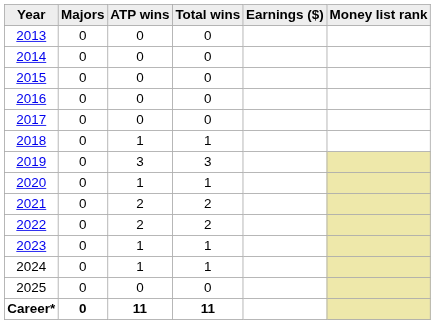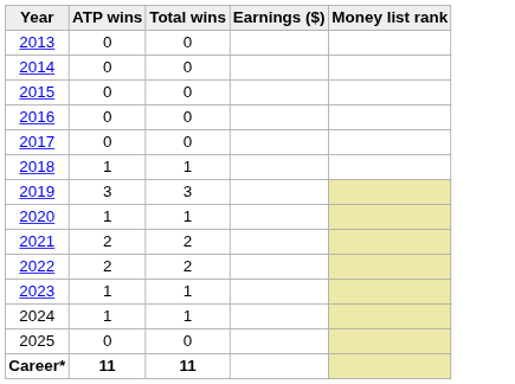 <table cellpadding=3 cellspacing=0 border=1 style=font-size:100%;border:#aaa;solid:1px;border-collapse:collapse;text-align:center>
 <tr bgcolor=EEEEEE>
 <th>Year</th>
-<th>Majors</th>
 <th>ATP wins</th>
 <th>Total wins</th>
 <th>Earnings ($)</th>
 <th>Money list rank</th>
 </tr>
 <tr>
 <td><a href='#'>2013</a></td>
 <td>0</td>
 <td>0</td>
-<td>0</td>
 <td align=right></td>
 <td></td>
 </tr>
 <tr>
 <td><a href='#'>2014</a></td>
-<td>0</td>
 <td>0</td>
 <td>0</td>
 <td align=right></td>
 <td></td>
 </tr>
 <tr>
 <td><a href='#'>2015</a></td>
 <td>0</td>
 <td>0</td>
-<td>0</td>
 <td align=right></td>
 <td></td>
 </tr>
 <tr>
 <td><a href='#'>2016</a></td>
-<td>0</td>
 <td>0</td>
 <td>0</td>
 <td align=right></td>
 <td></td>
 </tr>
 <tr>
 <td><a href='#'>2017</a></td>
 <td>0</td>
 <td>0</td>
-<td>0</td>
 <td align=right></td>
 <td></td>
 </tr>
 <tr>
 <td><a href='#'>2018</a></td>
-<td>0</td>
 <td>1</td>
 <td>1</td>
 <td align=right></td>
 <td></td>
 </tr>
 <tr>
 <td><a href='#'>2019</a></td>
-<td>0</td>
 <td>3</td>
 <td>3</td>
 <td align=right></td>
 <td style=background:#eee8aa></td>
 </tr>
 <tr>
 <td><a href='#'>2020</a></td>
-<td>0</td>
 <td>1</td>
 <td>1</td>
 <td align=right></td>
 <td style=background:#eee8aa></td>
 </tr>
 <tr>
 <td><a href='#'>2021</a></td>
-<td>0</td>
 <td>2</td>
 <td>2</td>
 <td align=right></td>
 <td style=background:#eee8aa></td>
 </tr>
 <tr>
 <td><a href='#'>2022</a></td>
-<td>0</td>
 <td>2</td>
 <td>2</td>
 <td align=right></td>
 <td style="background:#eee8aa;"></td>
 </tr>
 <tr>
 <td><a href='#'>2023</a></td>
-<td>0</td>
 <td>1</td>
 <td>1</td>
 <td align=right></td>
 <td style=background:#eee8aa></td>
 </tr>
 <tr>
 <td>2024</td>
-<td>0</td>
 <td>1</td>
 <td>1</td>
 <td align=right></td>
 <td style=background:#eee8aa></td>
 </tr>
 <tr>
 <td>2025</td>
 <td>0</td>
 <td>0</td>
-<td>0</td>
 <td align=right></td>
 <td style=background:#eee8aa></td>
 </tr>
 <tr>
 <th>Career*</th>
-<th>0</th>
 <th>11</th>
 <th>11</th>
 <th align=right></th>
 <th style=background:#eee8aa></th>
 </tr>
 </table>
